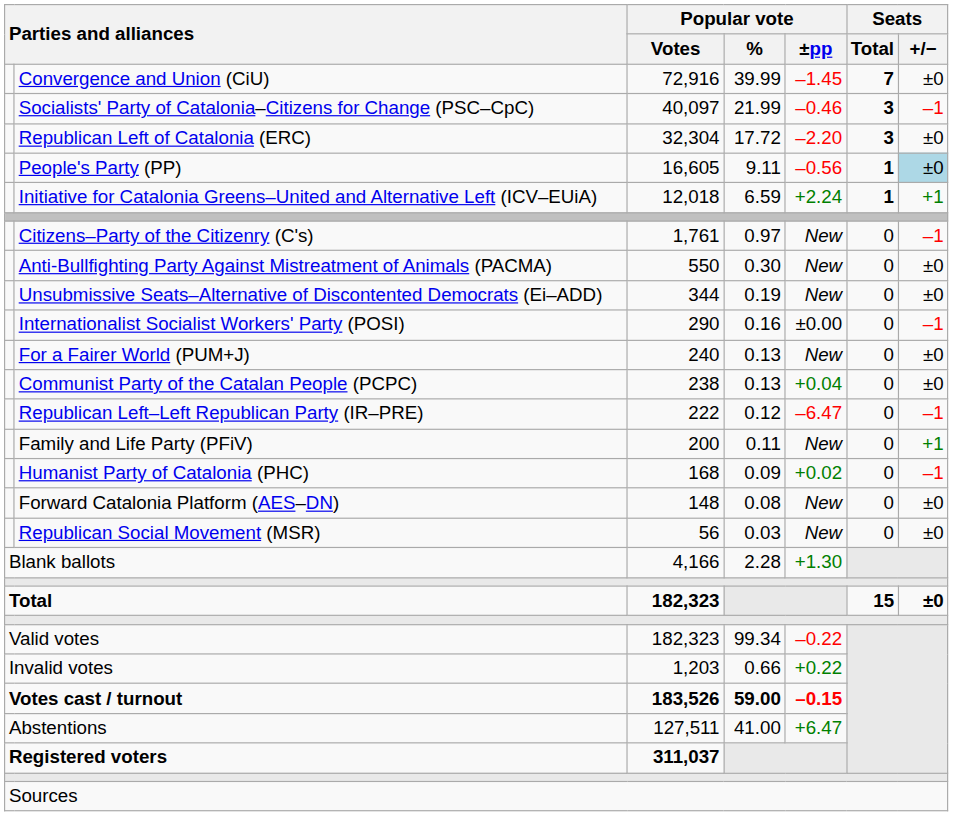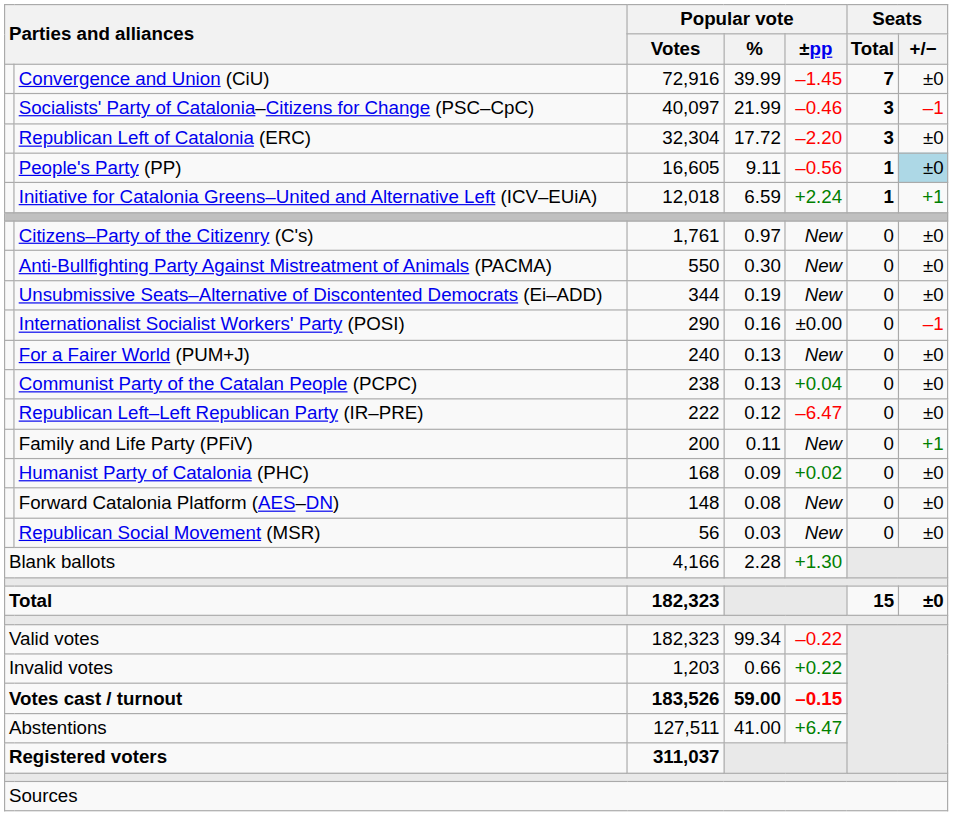 <table class="wikitable" style="text-align:right;">
 <tr>
 <th style="text-align:left;" rowspan="2" colspan="2" width="525">Parties and alliances</th>
 <th colspan="3">Popular vote</th>
 <th colspan="2">Seats</th>
 </tr>
 <tr>
 <th width="75">Votes</th>
 <th width="45">%</th>
 <th width="45">±<a href='#'>pp</a></th>
 <th width="35">Total</th>
 <th width="35">+/−</th>
 </tr>
 <tr>
 <td width="1" style="color:inherit;background:"></td>
 <td align="left"><a href='#'>Convergence and Union</a> (CiU)</td>
 <td>72,916</td>
 <td>39.99</td>
 <td style="color:red;">–1.45</td>
 <td><strong>7</strong></td>
 <td>±0</td>
 </tr>
 <tr>
 <td style="color:inherit;background:"></td>
 <td align="left"><a href='#'>Socialists' Party of Catalonia</a>–<a href='#'>Citizens for Change</a> (PSC–CpC)</td>
 <td>40,097</td>
 <td>21.99</td>
 <td style="color:red;">–0.46</td>
 <td><strong>3</strong></td>
 <td style="color:red;">–1</td>
 </tr>
 <tr>
 <td style="color:inherit;background:"></td>
 <td align="left"><a href='#'>Republican Left of Catalonia</a> (ERC)</td>
 <td>32,304</td>
 <td>17.72</td>
 <td style="color:red;">–2.20</td>
 <td><strong>3</strong></td>
 <td>±0</td>
 </tr>
 <tr>
 <td style="color:inherit;background:"></td>
 <td align="left"><a href='#'>People's Party</a> (PP)</td>
 <td>16,605</td>
 <td>9.11</td>
 <td style="color:red;">–0.56</td>
 <td><strong>1</strong></td>
 <td style="background: lightblue;">±0</td>
 </tr>
 <tr>
 <td style="color:inherit;background:"></td>
 <td align="left"><a href='#'>Initiative for Catalonia Greens–United and Alternative Left</a> (ICV–EUiA)</td>
 <td>12,018</td>
 <td>6.59</td>
 <td style="color:green;">+2.24</td>
 <td><strong>1</strong></td>
 <td style="color:green;">+1</td>
 </tr>
 <tr>
 <td colspan="7" bgcolor="#C0C0C0"></td>
 </tr>
 <tr>
 <td style="color:inherit;background:"></td>
 <td align="left"><a href='#'>Citizens–Party of the Citizenry</a> (C's)</td>
 <td>1,761</td>
 <td>0.97</td>
 <td><em>New</em></td>
 <td>0</td>
-<td style="color:red;">–1</td>
+<td>±0</td>
 </tr>
 <tr>
 <td style="color:inherit;background:"></td>
 <td align="left"><a href='#'>Anti-Bullfighting Party Against Mistreatment of Animals</a> (PACMA)</td>
 <td>550</td>
 <td>0.30</td>
 <td><em>New</em></td>
 <td>0</td>
 <td>±0</td>
 </tr>
 <tr>
 <td style="color:inherit;background:"></td>
 <td align="left"><a href='#'>Unsubmissive Seats–Alternative of Discontented Democrats</a> (Ei–ADD)</td>
 <td>344</td>
 <td>0.19</td>
 <td><em>New</em></td>
 <td>0</td>
 <td>±0</td>
 </tr>
 <tr>
 <td style="color:inherit;background:"></td>
 <td align="left"><a href='#'>Internationalist Socialist Workers' Party</a> (POSI)</td>
 <td>290</td>
 <td>0.16</td>
 <td>±0.00</td>
 <td>0</td>
 <td style="color:red;">–1</td>
 </tr>
 <tr>
 <td style="color:inherit;background:"></td>
 <td align="left"><a href='#'>For a Fairer World</a> (PUM+J)</td>
 <td>240</td>
 <td>0.13</td>
 <td><em>New</em></td>
 <td>0</td>
 <td>±0</td>
 </tr>
 <tr>
 <td style="color:inherit;background:"></td>
 <td align="left"><a href='#'>Communist Party of the Catalan People</a> (PCPC)</td>
 <td>238</td>
 <td>0.13</td>
 <td style="color:green;">+0.04</td>
 <td>0</td>
 <td>±0</td>
 </tr>
 <tr>
 <td style="color:inherit;background:"></td>
 <td align="left"><a href='#'>Republican Left–Left Republican Party</a> (IR–PRE)</td>
 <td>222</td>
 <td>0.12</td>
 <td style="color:red;">–6.47</td>
 <td>0</td>
-<td style="color:red;">–1</td>
+<td>±0</td>
 </tr>
 <tr>
 <td style="color:inherit;background:"></td>
 <td align="left">Family and Life Party (PFiV)</td>
 <td>200</td>
 <td>0.11</td>
 <td><em>New</em></td>
 <td>0</td>
 <td style="color:green;">+1</td>
 </tr>
 <tr>
 <td style="color:inherit;background:"></td>
 <td align="left"><a href='#'>Humanist Party of Catalonia</a> (PHC)</td>
 <td>168</td>
 <td>0.09</td>
 <td style="color:green;">+0.02</td>
 <td>0</td>
-<td style="color:red;">–1</td>
+<td>±0</td>
 </tr>
 <tr>
 <td style="color:inherit;background:"></td>
 <td align="left">Forward Catalonia Platform (<a href='#'>AES</a>–<a href='#'>DN</a>)</td>
 <td>148</td>
 <td>0.08</td>
 <td><em>New</em></td>
 <td>0</td>
 <td>±0</td>
 </tr>
 <tr>
 <td style="color:inherit;background:"></td>
 <td align="left"><a href='#'>Republican Social Movement</a> (MSR)</td>
 <td>56</td>
 <td>0.03</td>
 <td><em>New</em></td>
 <td>0</td>
 <td>±0</td>
 </tr>
 <tr>
 <td align="left" colspan="2">Blank ballots</td>
 <td>4,166</td>
 <td>2.28</td>
 <td style="color:green;">+1.30</td>
 <td bgcolor="#E9E9E9" colspan="2"></td>
 </tr>
 <tr>
 <td colspan="7" bgcolor="#E9E9E9"></td>
 </tr>
 <tr style="font-weight:bold;">
 <td align="left" colspan="2">Total</td>
 <td>182,323</td>
 <td bgcolor="#E9E9E9" colspan="2"></td>
 <td>15</td>
 <td>±0</td>
 </tr>
 <tr>
 <td colspan="7" bgcolor="#E9E9E9"></td>
 </tr>
 <tr>
 <td align="left" colspan="2">Valid votes</td>
 <td>182,323</td>
 <td>99.34</td>
 <td style="color:red;">–0.22</td>
 <td bgcolor="#E9E9E9" colspan="2" rowspan="5"></td>
 </tr>
 <tr>
 <td align="left" colspan="2">Invalid votes</td>
 <td>1,203</td>
 <td>0.66</td>
 <td style="color:green;">+0.22</td>
 </tr>
 <tr style="font-weight:bold;">
 <td align="left" colspan="2">Votes cast / turnout</td>
 <td>183,526</td>
 <td>59.00</td>
 <td style="color:red;">–0.15</td>
 </tr>
 <tr>
 <td align="left" colspan="2">Abstentions</td>
 <td>127,511</td>
 <td>41.00</td>
 <td style="color:green;">+6.47</td>
 </tr>
 <tr style="font-weight:bold;">
 <td align="left" colspan="2">Registered voters</td>
 <td>311,037</td>
 <td bgcolor="#E9E9E9" colspan="2"></td>
 </tr>
 <tr>
 <td colspan="7" bgcolor="#E9E9E9"></td>
 </tr>
 <tr>
 <td align="left" colspan="7">Sources</td>
 </tr>
 </table>
